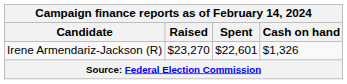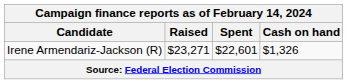 <table class="wikitable sortable">
 <tr>
 <th colspan=4>Campaign finance reports as of February 14, 2024</th>
 </tr>
 <tr style="text-align:center;">
 <th>Candidate</th>
 <th>Raised</th>
 <th>Spent</th>
 <th>Cash on hand</th>
 </tr>
 <tr>
 <td style="background-color:">Irene Armendariz-Jackson (R)</td>
-<td>$23,270</td>
+<td>$23,271</td>
 <td>$22,601</td>
 <td>$1,326</td>
 </tr>
 <tr>
 <th colspan="4"><small>Source: <a href='#'>Federal Election Commission</a></small></th>
 </tr>
 </table>
